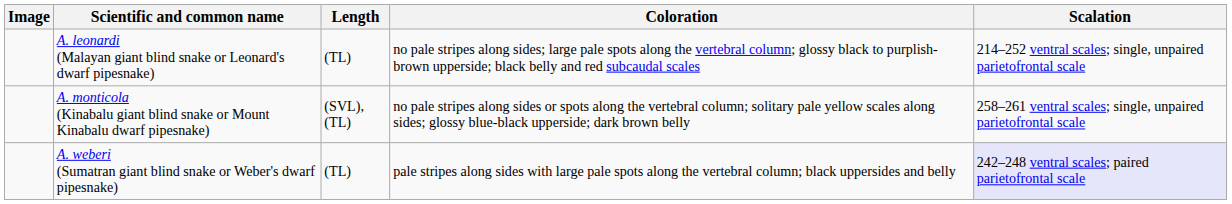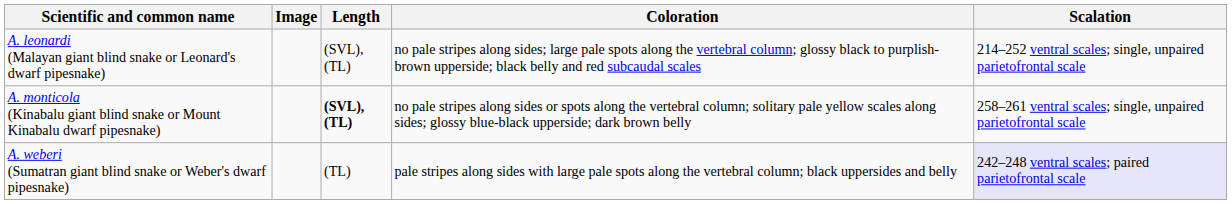 <table class="wikitable" style="width=100%" style="text-align: center">
 <tr style="font-size: 100%" |>
+<th>Scientific and common name</th>
 <th>Image</th>
-<th>Scientific and common name</th>
 <th>Length</th>
 <th>Coloration</th>
 <th>Scalation</th>
 </tr>
 <tr style="font-size: 90%" |>
+<td><em><a href='#'>A. leonardi</a></em><br>(Malayan giant blind snake or Leonard's dwarf pipesnake)</td>
 <td></td>
-<td><em><a href='#'>A. leonardi</a></em><br>(Malayan giant blind snake or Leonard's dwarf pipesnake)</td>
-<td>(TL)</td>
+<td>(SVL), (TL)</td>
 <td>no pale stripes along sides; large pale spots along the <a href='#'>vertebral column</a>; glossy black to purplish-brown upperside; black belly and red <a href='#'>subcaudal scales</a></td>
 <td>214–252 <a href='#'>ventral scales</a>; single, unpaired <a href='#'>parietofrontal scale</a></td>
 </tr>
 <tr style="font-size: 90%" |>
+<td><em><a href='#'>A. monticola</a></em><br>(Kinabalu giant blind snake or Mount Kinabalu dwarf pipesnake)</td>
 <td></td>
-<td><em><a href='#'>A. monticola</a></em><br>(Kinabalu giant blind snake or Mount Kinabalu dwarf pipesnake)</td>
-<td>(SVL), (TL)</td>
+<td><strong>(SVL), (TL)</strong></td>
 <td>no pale stripes along sides or spots along the vertebral column; solitary pale yellow scales along sides; glossy blue-black upperside; dark brown belly</td>
 <td>258–261 <a href='#'>ventral scales</a>; single, unpaired <a href='#'>parietofrontal scale</a></td>
 </tr>
 <tr style="font-size: 90%" |>
+<td><em><a href='#'>A. weberi</a></em><br>(Sumatran giant blind snake or Weber's dwarf pipesnake)</td>
 <td></td>
-<td><em><a href='#'>A. weberi</a></em><br>(Sumatran giant blind snake or Weber's dwarf pipesnake)</td>
 <td>(TL)</td>
 <td>pale stripes along sides with large pale spots along the vertebral column; black uppersides and belly</td>
 <td style="background: lavender;">242–248 <a href='#'>ventral scales</a>; paired <a href='#'>parietofrontal scale</a></td>
 </tr>
 </table>
